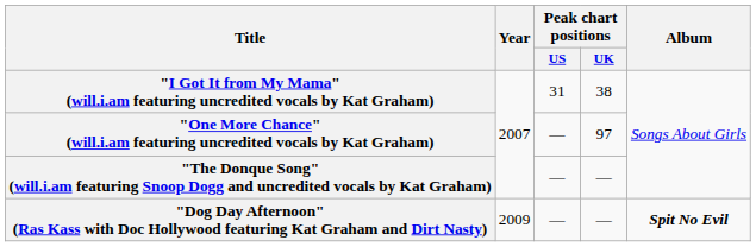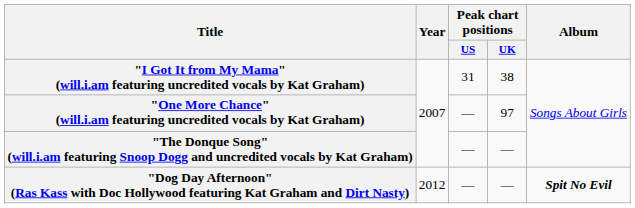 <table class="wikitable plainrowheaders" style="text-align:center;">
 <tr>
 <th scope="col" rowspan="2">Title</th>
 <th scope="col" rowspan="2">Year</th>
 <th scope="col" colspan="2">Peak chart positions</th>
 <th scope="col" rowspan="2">Album</th>
 </tr>
 <tr>
 <th scope="col" style="width:3em;font-size:85%"><a href='#'>US</a></th>
 <th scope="col" style="width:3em;font-size:85%"><a href='#'>UK</a></th>
 </tr>
 <tr>
 <th scope="row">"<a href='#'>I Got It from My Mama</a>"<br><span>(<a href='#'>will.i.am</a> featuring uncredited vocals by Kat Graham)</span></th>
 <td rowspan="3">2007</td>
 <td>31</td>
 <td>38</td>
 <td rowspan="3"><em><a href='#'>Songs About Girls</a></em></td>
 </tr>
 <tr>
 <th scope="row">"<a href='#'>One More Chance</a>"<br><span>(<a href='#'>will.i.am</a> featuring uncredited vocals by Kat Graham)</span></th>
 <td>—</td>
 <td>97</td>
 </tr>
 <tr>
 <th scope="row">"The Donque Song"<br><span>(<a href='#'>will.i.am</a> featuring <a href='#'>Snoop Dogg</a> and uncredited vocals by Kat Graham)</span></th>
 <td>—</td>
 <td>—</td>
 </tr>
 <tr>
 <th scope="row">"Dog Day Afternoon"<br><span>(<a href='#'>Ras Kass</a> with Doc Hollywood featuring Kat Graham and <a href='#'>Dirt Nasty</a>)</span></th>
-<td>2009</td>
+<td>2012</td>
 <td>—</td>
 <td>—</td>
 <td><strong><em>Spit No Evil</em></strong></td>
 </tr>
 </table>
